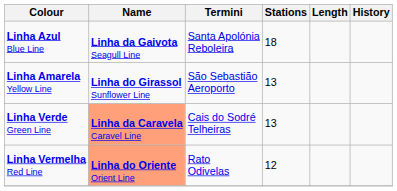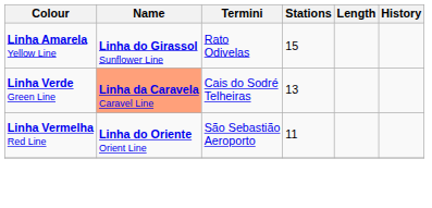 <table class="wikitable">
 <tr>
 <th>Colour</th>
 <th>Name</th>
 <th>Termini</th>
 <th>Stations</th>
 <th>Length</th>
 <th>History</th>
 </tr>
 <tr>
-<td style="background: #"><a href='#'><span><strong>Linha Azul</strong><br><small>Blue Line</small></span></a></td>
-<td><a href='#'><span><br><strong>Linha da Gaivota</strong><br><small>Seagull Line</small></span></a></td>
-<td><a href='#'>Santa Apolónia</a><br><a href='#'>Reboleira</a></td>
-<td>18</td>
-<td></td>
-<td></td>
-</tr>
-<tr>
 <td style="background: #"><a href='#'><span><strong>Linha Amarela</strong><br><small>Yellow Line</small></span></a></td>
 <td><a href='#'><span><br><strong>Linha do Girassol</strong><br><small>Sunflower Line</small></span></a></td>
-<td><a href='#'>São Sebastião</a><br><a href='#'>Aeroporto</a></td>
-<td>13</td>
+<td><a href='#'>Rato</a><br><a href='#'>Odivelas</a></td>
+<td>15</td>
 <td></td>
 <td></td>
 </tr>
 <tr>
 <td style="background: #"><a href='#'><span><strong>Linha Verde</strong><br><small>Green Line</small></span></a></td>
 <td style="background: lightsalmon;"><a href='#'><span><br><strong>Linha da Caravela</strong><br><small>Caravel Line</small></span></a></td>
 <td><a href='#'>Cais do Sodré</a><br><a href='#'>Telheiras</a></td>
 <td>13</td>
 <td></td>
 <td></td>
 </tr>
 <tr>
 <td style="background: #"><a href='#'><span><strong>Linha Vermelha</strong><br><small>Red Line</small></span></a></td>
-<td style="background: lightsalmon;"><a href='#'><span><br><strong>Linha do Oriente</strong><br><small>Orient Line</small></span></a></td>
-<td><a href='#'>Rato</a><br><a href='#'>Odivelas</a></td>
-<td>12</td>
+<td><a href='#'><span><br><strong>Linha do Oriente</strong><br><small>Orient Line</small></span></a></td>
+<td><a href='#'>São Sebastião</a><br><a href='#'>Aeroporto</a></td>
+<td>11</td>
 <td></td>
 <td></td>
 </tr>
 <tr>
 </tr>
 </table>
